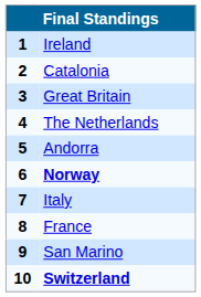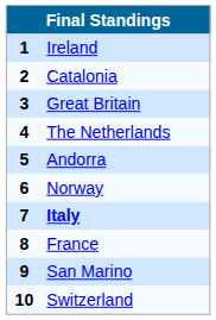 <table align=center cellpadding="4" cellspacing="0" style="background: #f9f9f9; border: 1px #aaa solid; border-collapse: collapse; font-size: 90%;" width=20%>
 <tr align=center style="background:#006699; color:white;">
 <th width=100% colspan=2>Final Standings</th>
 </tr>
 <tr align=center style="background:#D0E7FF;">
 <td><strong>1</strong></td>
 <td align=left> <a href='#'>Ireland</a></td>
 </tr>
 <tr align=center style="background:#F5FAFF;">
 <td><strong>2</strong></td>
 <td align=left> <a href='#'>Catalonia</a></td>
 </tr>
 <tr align=center style="background:#D0E7FF;">
 <td><strong>3</strong></td>
 <td align=left> <a href='#'>Great Britain</a></td>
 </tr>
 <tr align=center style="background:#F5FAFF;">
 <td><strong>4</strong></td>
 <td align=left> <a href='#'>The Netherlands</a></td>
 </tr>
 <tr align=center style="background:#D0E7FF;">
 <td><strong>5</strong></td>
 <td align=left> <a href='#'>Andorra</a></td>
 </tr>
 <tr align=center style="background:#F5FAFF;">
 <td><strong>6</strong></td>
-<td align=left><strong> <a href='#'>Norway</a></strong></td>
+<td align=left> <a href='#'>Norway</a></td>
 </tr>
 <tr align=center style="background:#D0E7FF;">
 <td><strong>7</strong></td>
-<td align=left> <a href='#'>Italy</a></td>
+<td align=left><strong> <a href='#'>Italy</a></strong></td>
 </tr>
 <tr align=center style="background:#F5FAFF;">
 <td><strong>8</strong></td>
 <td align=left> <a href='#'>France</a></td>
 </tr>
 <tr align=center style="background:#D0E7FF;">
 <td><strong>9</strong></td>
 <td align=left> <a href='#'>San Marino</a></td>
 </tr>
 <tr align=center style="background:#F5FAFF;">
 <td><strong>10</strong></td>
-<td align=left><strong> <a href='#'>Switzerland</a></strong></td>
+<td align=left> <a href='#'>Switzerland</a></td>
 </tr>
 </table>
